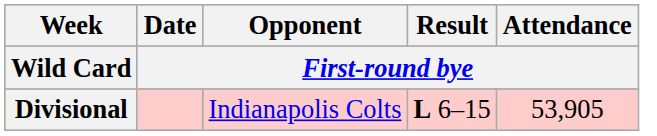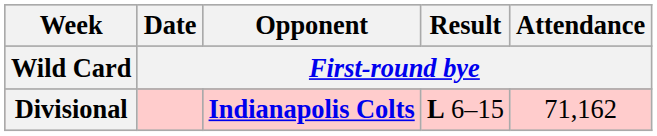 <table class="wikitable" style="text-align:center">
 <tr>
 <th>Week</th>
 <th>Date</th>
 <th>Opponent</th>
 <th>Result</th>
 <th>Attendance</th>
 </tr>
 <tr>
 <th>Wild Card</th>
 <th colspan="5"><em><a href='#'>First-round bye</a></em></th>
 </tr>
 <tr bgcolor="#fcc">
 <th>Divisional</th>
 <td></td>
-<td><a href='#'>Indianapolis Colts</a></td>
+<td><strong><a href='#'>Indianapolis Colts</a></strong></td>
 <td><strong>L</strong> 6–15</td>
-<td>53,905</td>
+<td>71,162</td>
 </tr>
 </table>
